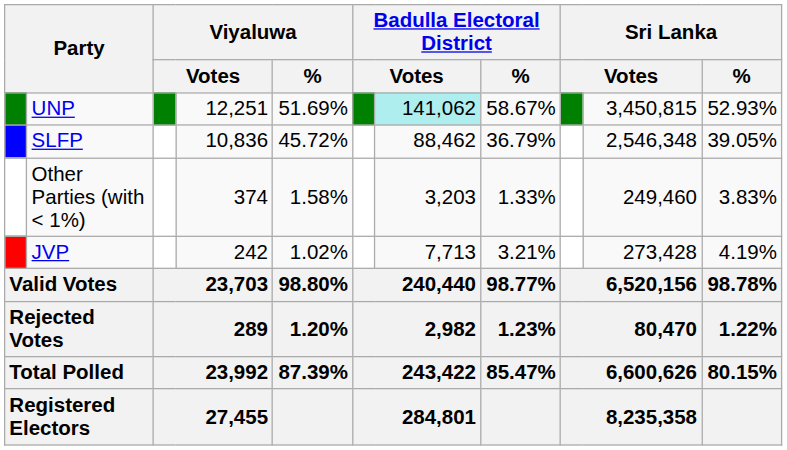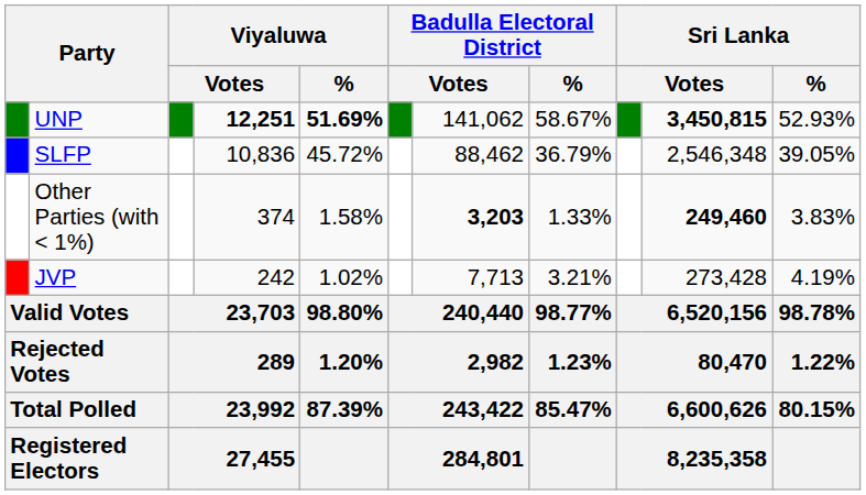 <table class="wikitable">
 <tr>
 <th colspan="2" width="144px"rowspan="2">Party</th>
 <th colspan="3" width="216px">Viyaluwa</th>
 <th colspan="3" width="216px"><a href='#'>Badulla Electoral District</a></th>
 <th colspan="3" width="216px">Sri Lanka</th>
 </tr>
 <tr>
 <th colspan="2" width="144px">Votes</th>
 <th>%</th>
 <th colspan="2" width="144px">Votes</th>
 <th>%</th>
 <th colspan="2" width="144px">Votes</th>
 <th>%</th>
 </tr>
 <tr>
 <td style="background-color:green;" width="10px"></td>
 <td style="text-align:left;"><a href='#'>UNP</a></td>
 <td style="background-color:green;" width="10px"></td>
-<td style="text-align:right;">12,251</td>
-<td style="text-align:right;">51.69%</td>
+<td style="text-align:right;"><strong>12,251</strong></td>
+<td style="text-align:right;"><strong>51.69%</strong></td>
 <td style="background-color:green;" width="10px"></td>
-<td style="background: paleturquoise; text-align:right;">141,062</td>
+<td style="text-align:right;">141,062</td>
 <td style="text-align:right;">58.67%</td>
 <td style="background-color:green;" width="10px"></td>
-<td style="text-align:right;">3,450,815</td>
+<td style="text-align:right;"><strong>3,450,815</strong></td>
 <td style="text-align:right;">52.93%</td>
 </tr>
 <tr>
 <td style="background-color:blue;" width="10px"></td>
 <td style="text-align:left;"><a href='#'>SLFP</a></td>
 <td style="background-color:white;" width="10px"></td>
 <td style="text-align:right;">10,836</td>
 <td style="text-align:right;">45.72%</td>
 <td style="background-color:white;" width="10px"></td>
 <td style="text-align:right;">88,462</td>
 <td style="text-align:right;">36.79%</td>
 <td style="background-color:white;" width="10px"></td>
 <td style="text-align:right;">2,546,348</td>
 <td style="text-align:right;">39.05%</td>
 </tr>
 <tr>
 <td style="background-color:white;" width="10px"></td>
 <td style="text-align:left;">Other Parties (with < 1%)</td>
 <td style="background-color:white;" width="10px"></td>
 <td style="text-align:right;">374</td>
 <td style="text-align:right;">1.58%</td>
 <td style="background-color:white;" width="10px"></td>
-<td style="text-align:right;">3,203</td>
+<td style="text-align:right;"><strong>3,203</strong></td>
 <td style="text-align:right;">1.33%</td>
 <td style="background-color:white;" width="10px"></td>
-<td style="text-align:right;">249,460</td>
+<td style="text-align:right;"><strong>249,460</strong></td>
 <td style="text-align:right;">3.83%</td>
 </tr>
 <tr>
 <td style="background-color:red;" width="10px"></td>
 <td style="text-align:left;"><a href='#'>JVP</a></td>
 <td style="background-color:white;" width="10px"></td>
 <td style="text-align:right;">242</td>
 <td style="text-align:right;">1.02%</td>
 <td style="background-color:white;" width="10px"></td>
 <td style="text-align:right;">7,713</td>
 <td style="text-align:right;">3.21%</td>
 <td style="background-color:white;" width="10px"></td>
 <td style="text-align:right;">273,428</td>
 <td style="text-align:right;">4.19%</td>
 </tr>
 <tr>
 <th colspan="2" width="144px"style="text-align:left;">Valid Votes</th>
 <th style="text-align:right;"colspan="2" width="144px">23,703</th>
 <th style="text-align:right;">98.80%</th>
 <th style="text-align:right;"colspan="2" width="144px">240,440</th>
 <th style="text-align:right;">98.77%</th>
 <th style="text-align:right;"colspan="2" width="144px">6,520,156</th>
 <th style="text-align:right;">98.78%</th>
 </tr>
 <tr>
 <th colspan="2" width="144px"style="text-align:left;">Rejected Votes</th>
 <th style="text-align:right;"colspan="2" width="144px">289</th>
 <th style="text-align:right;">1.20%</th>
 <th style="text-align:right;"colspan="2" width="144px">2,982</th>
 <th style="text-align:right;">1.23%</th>
 <th style="text-align:right;"colspan="2" width="144px">80,470</th>
 <th style="text-align:right;">1.22%</th>
 </tr>
 <tr>
 <th colspan="2" width="144px"style="text-align:left;">Total Polled</th>
 <th style="text-align:right;"colspan="2" width="144px">23,992</th>
 <th style="text-align:right;">87.39%</th>
 <th style="text-align:right;"colspan="2" width="144px">243,422</th>
 <th style="text-align:right;">85.47%</th>
 <th style="text-align:right;"colspan="2" width="144px">6,600,626</th>
 <th style="text-align:right;">80.15%</th>
 </tr>
 <tr>
 <th colspan="2" width="144px"style="text-align:left;">Registered Electors</th>
 <th style="text-align:right;"colspan="2" width="144px">27,455</th>
 <th></th>
 <th style="text-align:right;"colspan="2" width="144px">284,801</th>
 <th></th>
 <th style="text-align:right;"colspan="2" width="144px">8,235,358</th>
 <th></th>
 </tr>
 </table>
